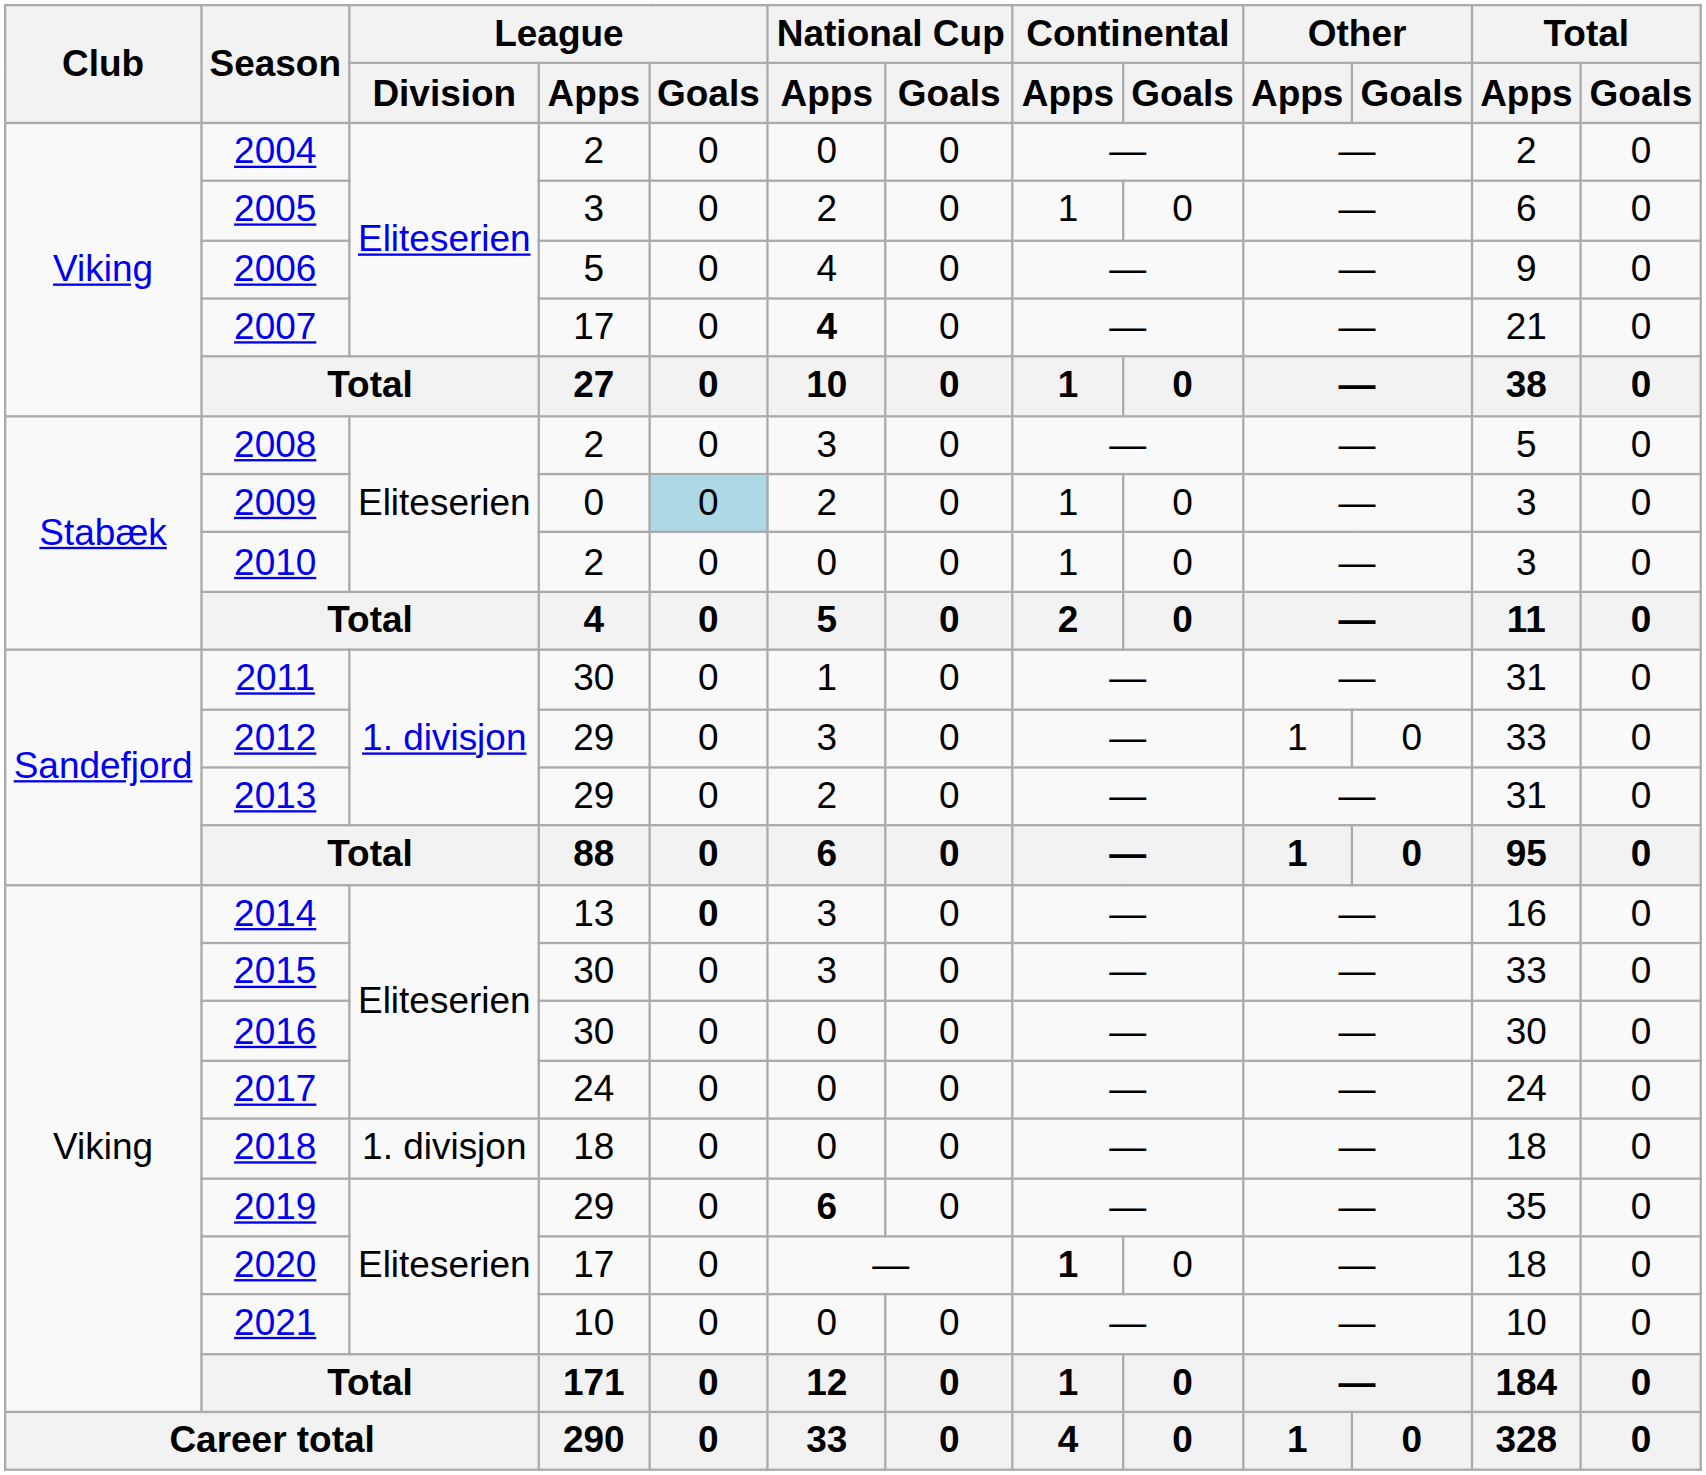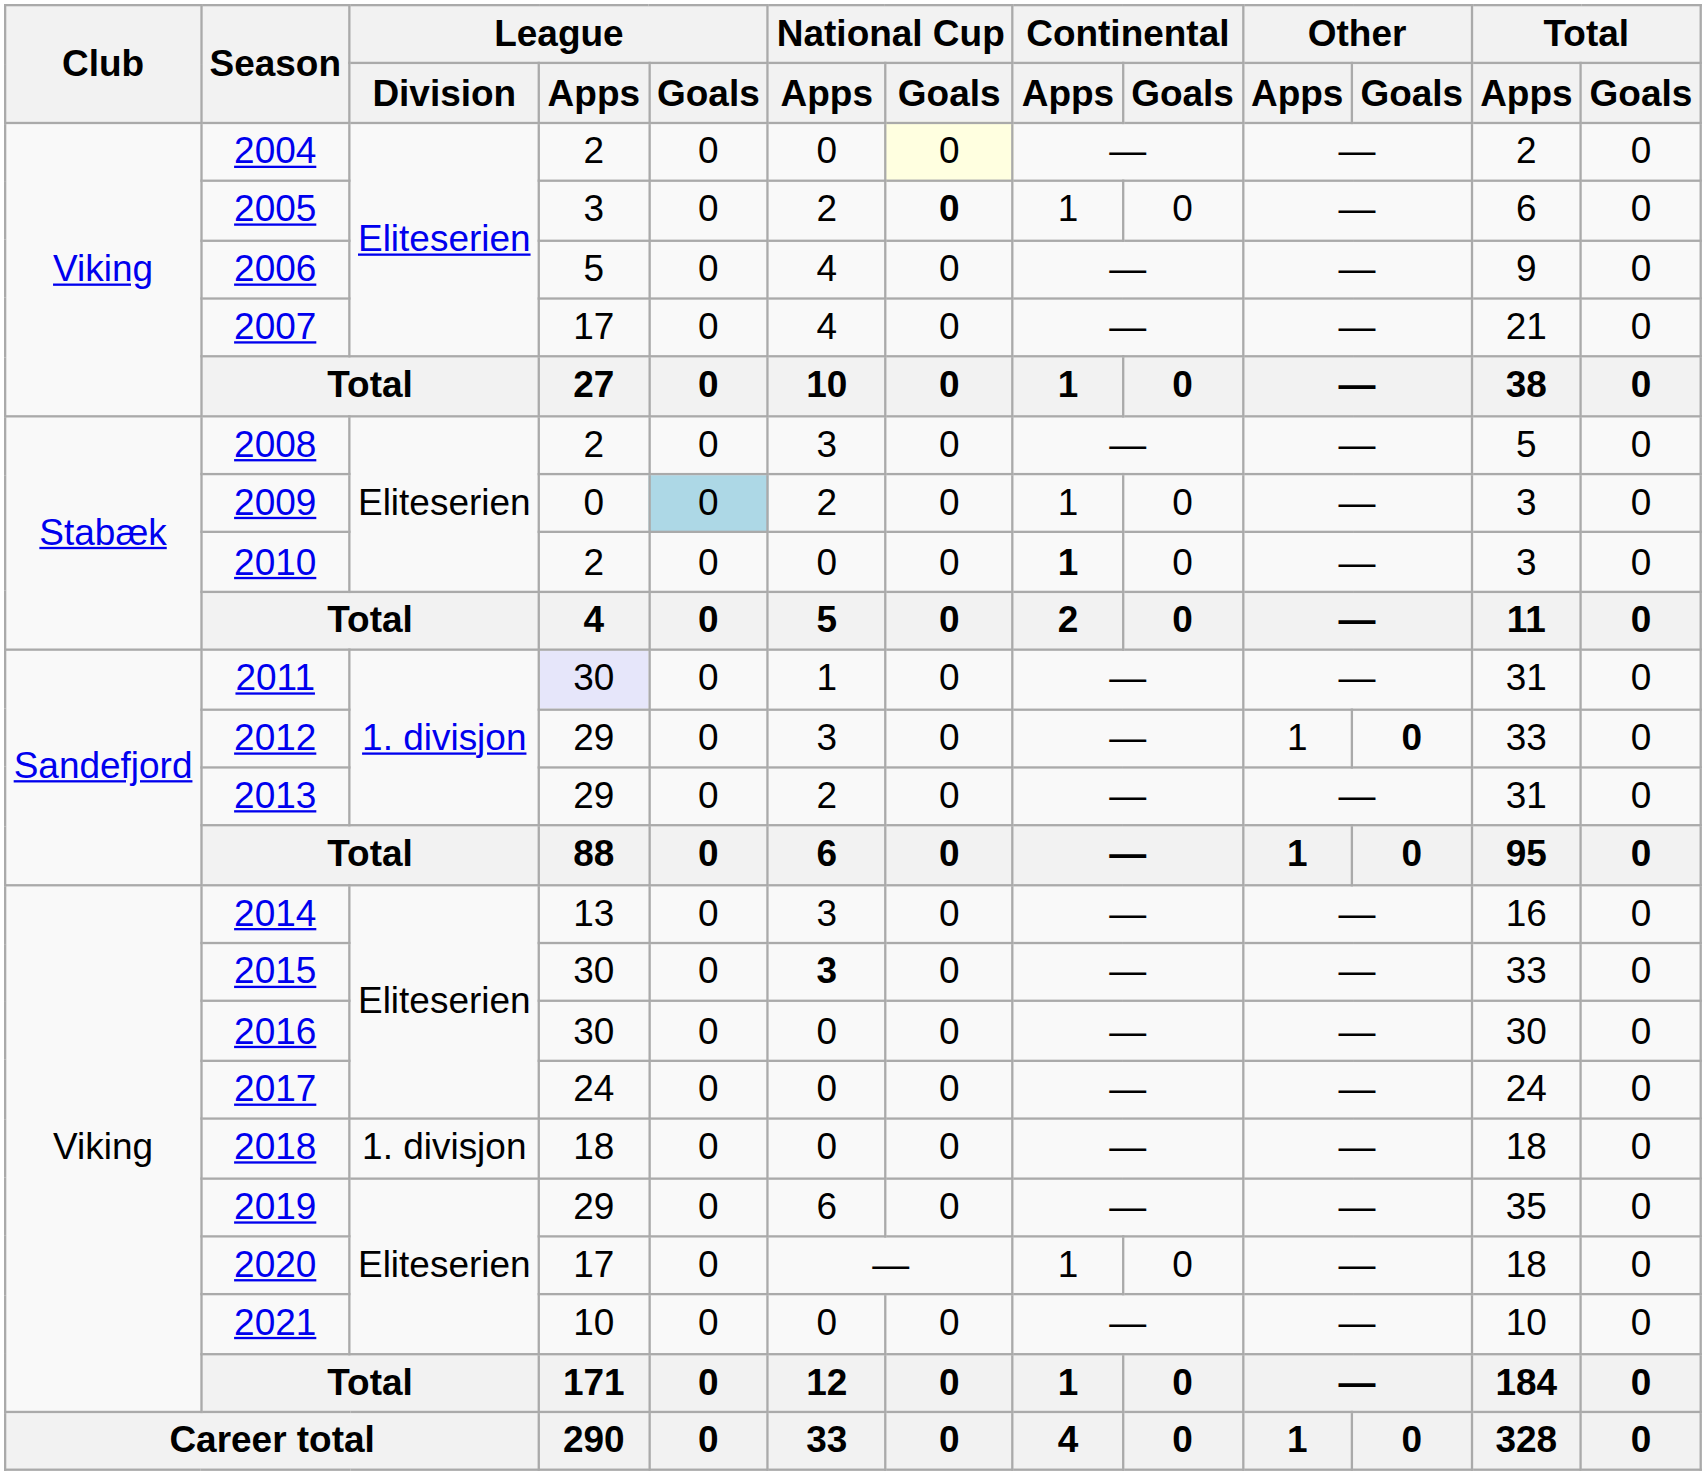 <table class="wikitable" style="text-align: center;">
 <tr>
 <th rowspan="2">Club</th>
 <th rowspan="2">Season</th>
 <th colspan="3">League</th>
 <th colspan="2">National Cup</th>
 <th colspan="2">Continental</th>
 <th colspan="2">Other</th>
 <th colspan="2">Total</th>
 </tr>
 <tr>
 <th>Division</th>
 <th>Apps</th>
 <th>Goals</th>
 <th>Apps</th>
 <th>Goals</th>
 <th>Apps</th>
 <th>Goals</th>
 <th>Apps</th>
 <th>Goals</th>
 <th>Apps</th>
 <th>Goals</th>
 </tr>
 <tr>
 <td rowspan="5"><a href='#'>Viking</a></td>
 <td><a href='#'>2004</a></td>
 <td rowspan="4"><a href='#'>Eliteserien</a></td>
 <td>2</td>
 <td>0</td>
 <td>0</td>
-<td>0</td>
+<td style="background: lightyellow;">0</td>
 <td colspan=2>—</td>
 <td colspan=2>—</td>
 <td>2</td>
 <td>0</td>
 </tr>
 <tr>
 <td><a href='#'>2005</a></td>
 <td>3</td>
 <td>0</td>
 <td>2</td>
-<td>0</td>
+<td><strong>0</strong></td>
 <td>1</td>
 <td>0</td>
 <td colspan=2>—</td>
 <td>6</td>
 <td>0</td>
 </tr>
 <tr>
 <td><a href='#'>2006</a></td>
 <td>5</td>
 <td>0</td>
 <td>4</td>
 <td>0</td>
 <td colspan=2>—</td>
 <td colspan=2>—</td>
 <td>9</td>
 <td>0</td>
 </tr>
 <tr>
 <td><a href='#'>2007</a></td>
 <td>17</td>
 <td>0</td>
-<td><strong>4</strong></td>
+<td>4</td>
 <td>0</td>
 <td colspan=2>—</td>
 <td colspan=2>—</td>
 <td>21</td>
 <td>0</td>
 </tr>
 <tr>
 <th colspan="2">Total</th>
 <th>27</th>
 <th>0</th>
 <th>10</th>
 <th>0</th>
 <th>1</th>
 <th>0</th>
 <th colspan=2>—</th>
 <th>38</th>
 <th>0</th>
 </tr>
 <tr>
 <td rowspan="4"><a href='#'>Stabæk</a></td>
 <td><a href='#'>2008</a></td>
 <td rowspan="3">Eliteserien</td>
 <td>2</td>
 <td>0</td>
 <td>3</td>
 <td>0</td>
 <td colspan=2>—</td>
 <td colspan=2>—</td>
 <td>5</td>
 <td>0</td>
 </tr>
 <tr>
 <td><a href='#'>2009</a></td>
 <td>0</td>
 <td style="background: lightblue;">0</td>
 <td>2</td>
 <td>0</td>
 <td>1</td>
 <td>0</td>
 <td colspan=2>—</td>
 <td>3</td>
 <td>0</td>
 </tr>
 <tr>
 <td><a href='#'>2010</a></td>
 <td>2</td>
 <td>0</td>
 <td>0</td>
 <td>0</td>
-<td>1</td>
+<td><strong>1</strong></td>
 <td>0</td>
 <td colspan=2>—</td>
 <td>3</td>
 <td>0</td>
 </tr>
 <tr>
 <th colspan="2">Total</th>
 <th>4</th>
 <th>0</th>
 <th>5</th>
 <th>0</th>
 <th>2</th>
 <th>0</th>
 <th colspan=2>—</th>
 <th>11</th>
 <th>0</th>
 </tr>
 <tr>
 <td rowspan="4"><a href='#'>Sandefjord</a></td>
 <td><a href='#'>2011</a></td>
 <td rowspan="3"><a href='#'>1. divisjon</a></td>
-<td>30</td>
+<td style="background: lavender;">30</td>
 <td>0</td>
 <td>1</td>
 <td>0</td>
 <td colspan=2>—</td>
 <td colspan=2>—</td>
 <td>31</td>
 <td>0</td>
 </tr>
 <tr>
 <td><a href='#'>2012</a></td>
 <td>29</td>
 <td>0</td>
 <td>3</td>
 <td>0</td>
 <td colspan=2>—</td>
 <td>1</td>
-<td>0</td>
+<td><strong>0</strong></td>
 <td>33</td>
 <td>0</td>
 </tr>
 <tr>
 <td><a href='#'>2013</a></td>
 <td>29</td>
 <td>0</td>
 <td>2</td>
 <td>0</td>
 <td colspan=2>—</td>
 <td colspan=2>—</td>
 <td>31</td>
 <td>0</td>
 </tr>
 <tr>
 <th colspan="2">Total</th>
 <th>88</th>
 <th>0</th>
 <th>6</th>
 <th>0</th>
 <th colspan=2>—</th>
 <th>1</th>
 <th>0</th>
 <th>95</th>
 <th>0</th>
 </tr>
 <tr>
 <td rowspan="9">Viking</td>
 <td><a href='#'>2014</a></td>
 <td rowspan="4">Eliteserien</td>
 <td>13</td>
-<td><strong>0</strong></td>
+<td>0</td>
 <td>3</td>
 <td>0</td>
 <td colspan=2>—</td>
 <td colspan=2>—</td>
 <td>16</td>
 <td>0</td>
 </tr>
 <tr>
 <td><a href='#'>2015</a></td>
 <td>30</td>
 <td>0</td>
-<td>3</td>
+<td><strong>3</strong></td>
 <td>0</td>
 <td colspan=2>—</td>
 <td colspan=2>—</td>
 <td>33</td>
 <td>0</td>
 </tr>
 <tr>
 <td><a href='#'>2016</a></td>
 <td>30</td>
 <td>0</td>
 <td>0</td>
 <td>0</td>
 <td colspan=2>—</td>
 <td colspan=2>—</td>
 <td>30</td>
 <td>0</td>
 </tr>
 <tr>
 <td><a href='#'>2017</a></td>
 <td>24</td>
 <td>0</td>
 <td>0</td>
 <td>0</td>
 <td colspan=2>—</td>
 <td colspan=2>—</td>
 <td>24</td>
 <td>0</td>
 </tr>
 <tr>
 <td><a href='#'>2018</a></td>
 <td>1. divisjon</td>
 <td>18</td>
 <td>0</td>
 <td>0</td>
 <td>0</td>
 <td colspan=2>—</td>
 <td colspan=2>—</td>
 <td>18</td>
 <td>0</td>
 </tr>
 <tr>
 <td><a href='#'>2019</a></td>
 <td rowspan="3">Eliteserien</td>
 <td>29</td>
 <td>0</td>
-<td><strong>6</strong></td>
+<td>6</td>
 <td>0</td>
 <td colspan=2>—</td>
 <td colspan=2>—</td>
 <td>35</td>
 <td>0</td>
 </tr>
 <tr>
 <td><a href='#'>2020</a></td>
 <td>17</td>
 <td>0</td>
 <td colspan=2>—</td>
-<td><strong>1</strong></td>
+<td>1</td>
 <td>0</td>
 <td colspan=2>—</td>
 <td>18</td>
 <td>0</td>
 </tr>
 <tr>
 <td><a href='#'>2021</a></td>
 <td>10</td>
 <td>0</td>
 <td>0</td>
 <td>0</td>
 <td colspan=2>—</td>
 <td colspan=2>—</td>
 <td>10</td>
 <td>0</td>
 </tr>
 <tr>
 <th colspan="2">Total</th>
 <th>171</th>
 <th>0</th>
 <th>12</th>
 <th>0</th>
 <th>1</th>
 <th>0</th>
 <th colspan=2>—</th>
 <th>184</th>
 <th>0</th>
 </tr>
 <tr>
 <th colspan="3">Career total</th>
 <th>290</th>
 <th>0</th>
 <th>33</th>
 <th>0</th>
 <th>4</th>
 <th>0</th>
 <th>1</th>
 <th>0</th>
 <th>328</th>
 <th>0</th>
 </tr>
 </table>
